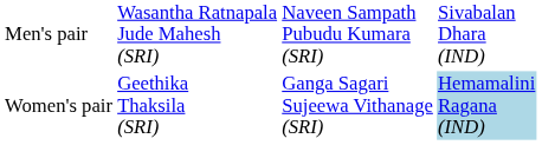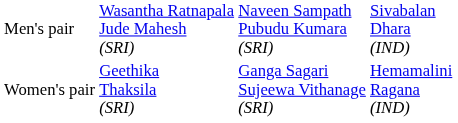 <table>
 <tr>
 <td>Men's pair</td>
 <td><a href='#'>Wasantha Ratnapala</a><br><a href='#'>Jude Mahesh</a><br><em> (SRI)</em></td>
 <td><a href='#'>Naveen Sampath</a><br><a href='#'>Pubudu Kumara</a><br><em> (SRI)</em></td>
 <td><a href='#'>Sivabalan</a><br><a href='#'>Dhara</a><br><em> (IND)</em></td>
 </tr>
 <tr>
 <td>Women's pair</td>
 <td><a href='#'>Geethika</a><br><a href='#'>Thaksila</a><br><em> (SRI)</em></td>
 <td><a href='#'>Ganga Sagari</a><br><a href='#'>Sujeewa Vithanage</a><br><em> (SRI)</em></td>
-<td style="background: lightblue;"><a href='#'>Hemamalini</a><br><a href='#'>Ragana</a><br><em> (IND)</em></td>
+<td><a href='#'>Hemamalini</a><br><a href='#'>Ragana</a><br><em> (IND)</em></td>
 </tr>
 </table>
